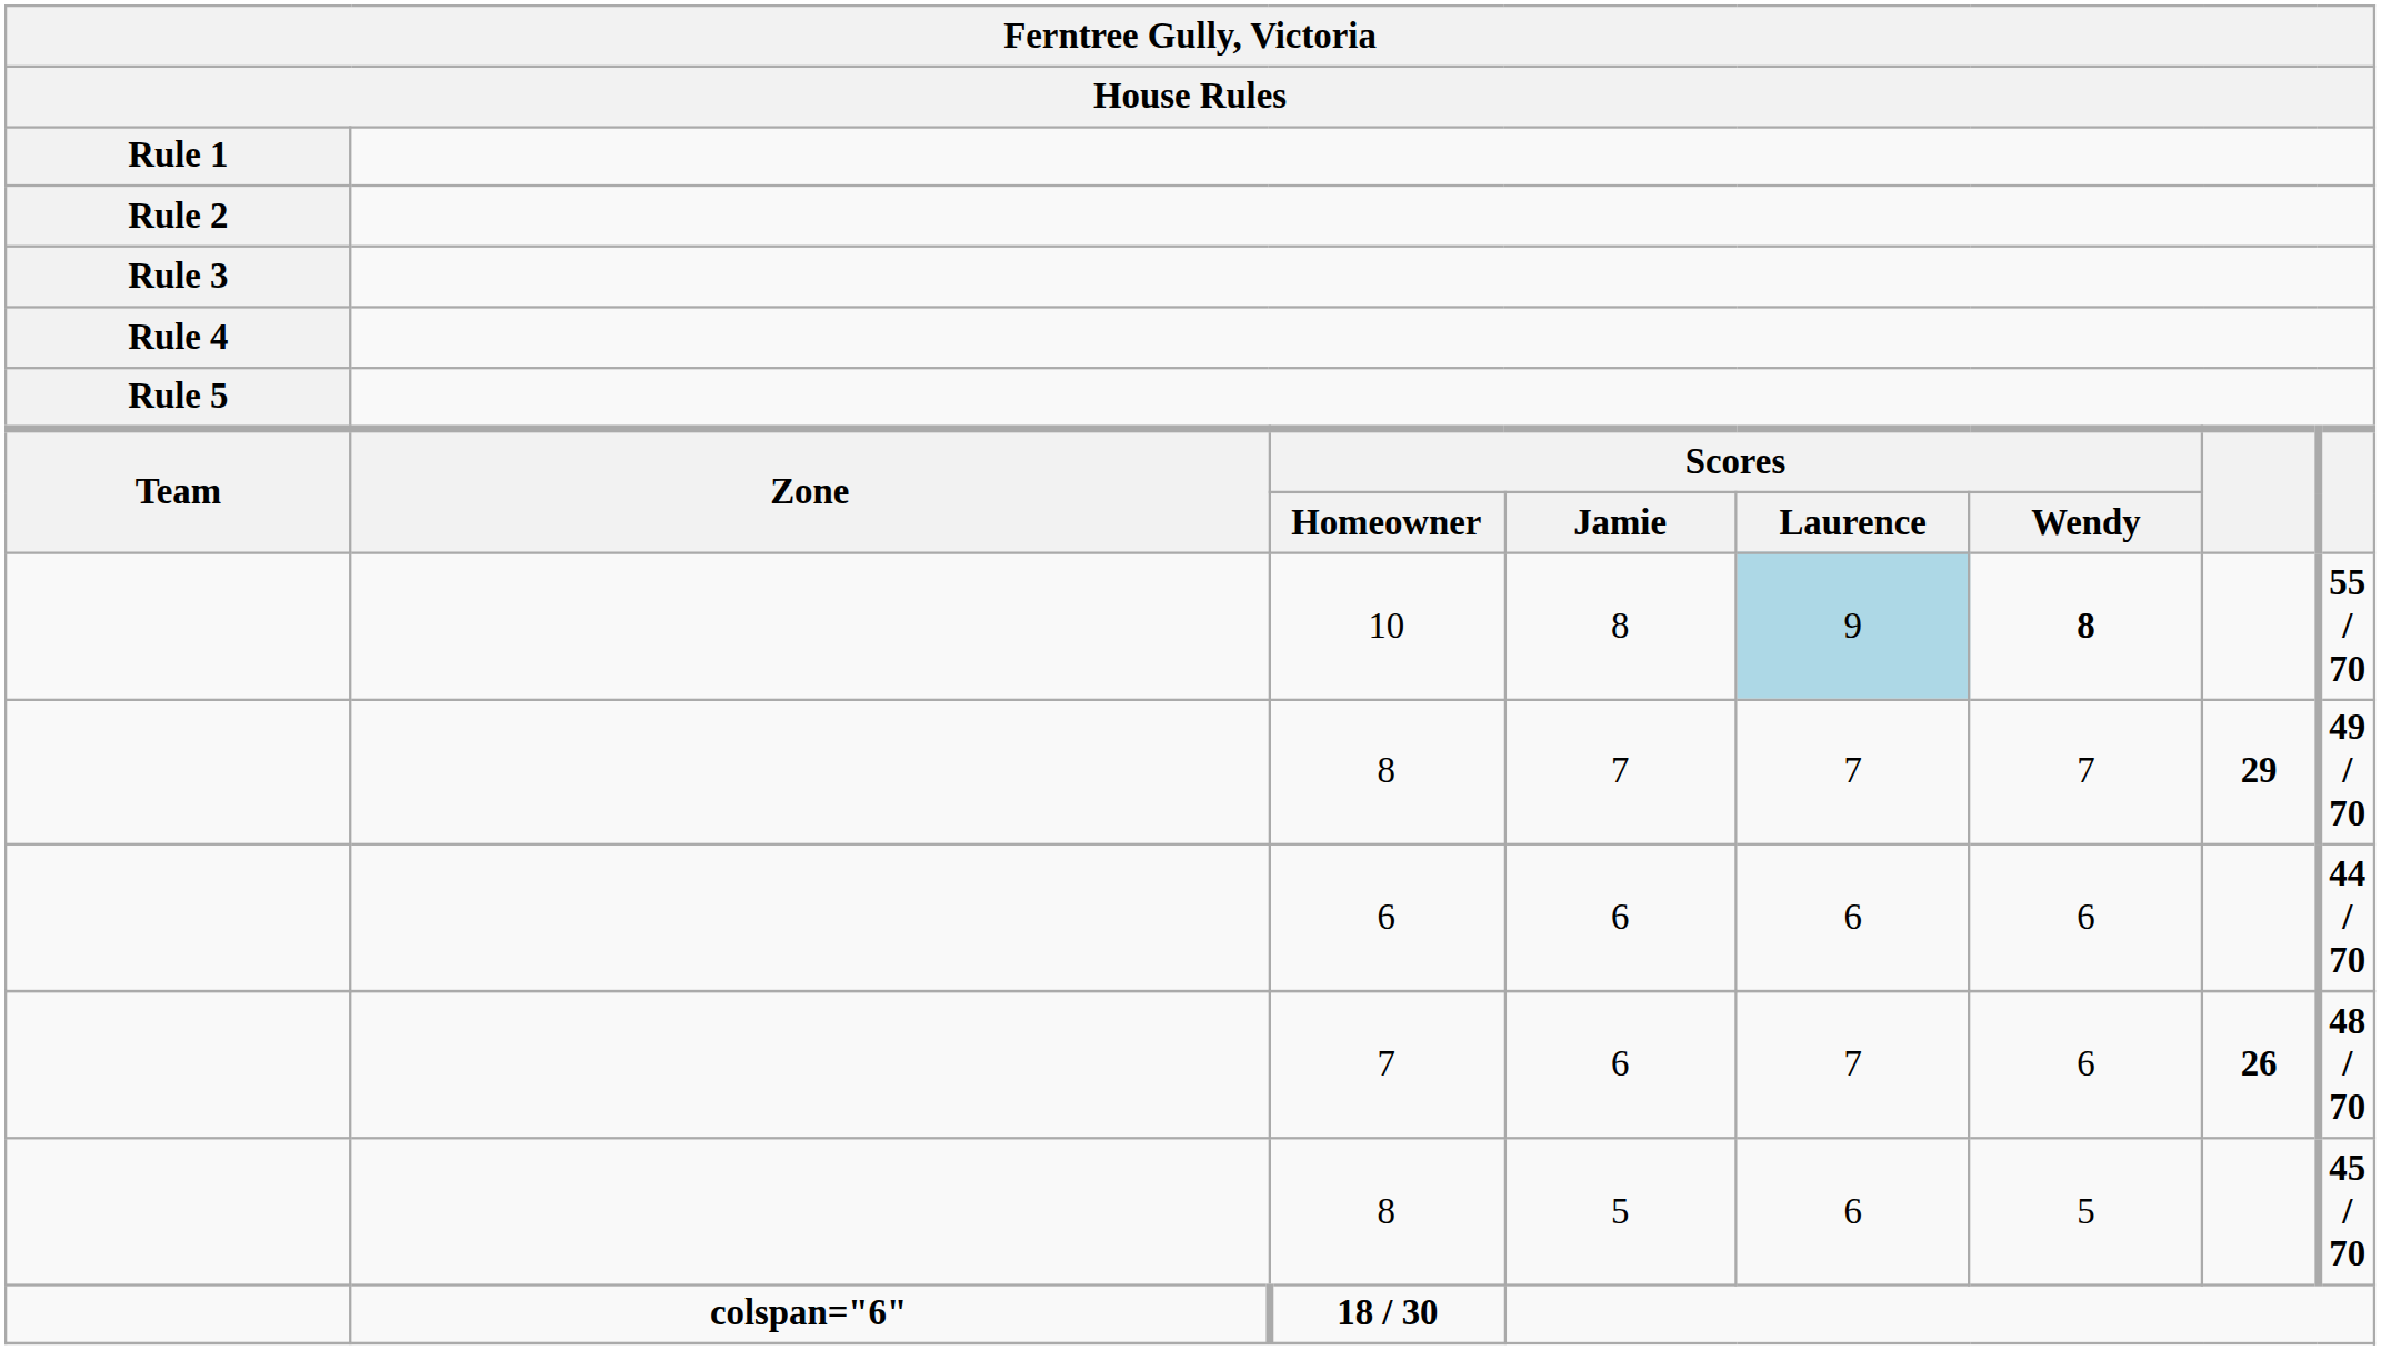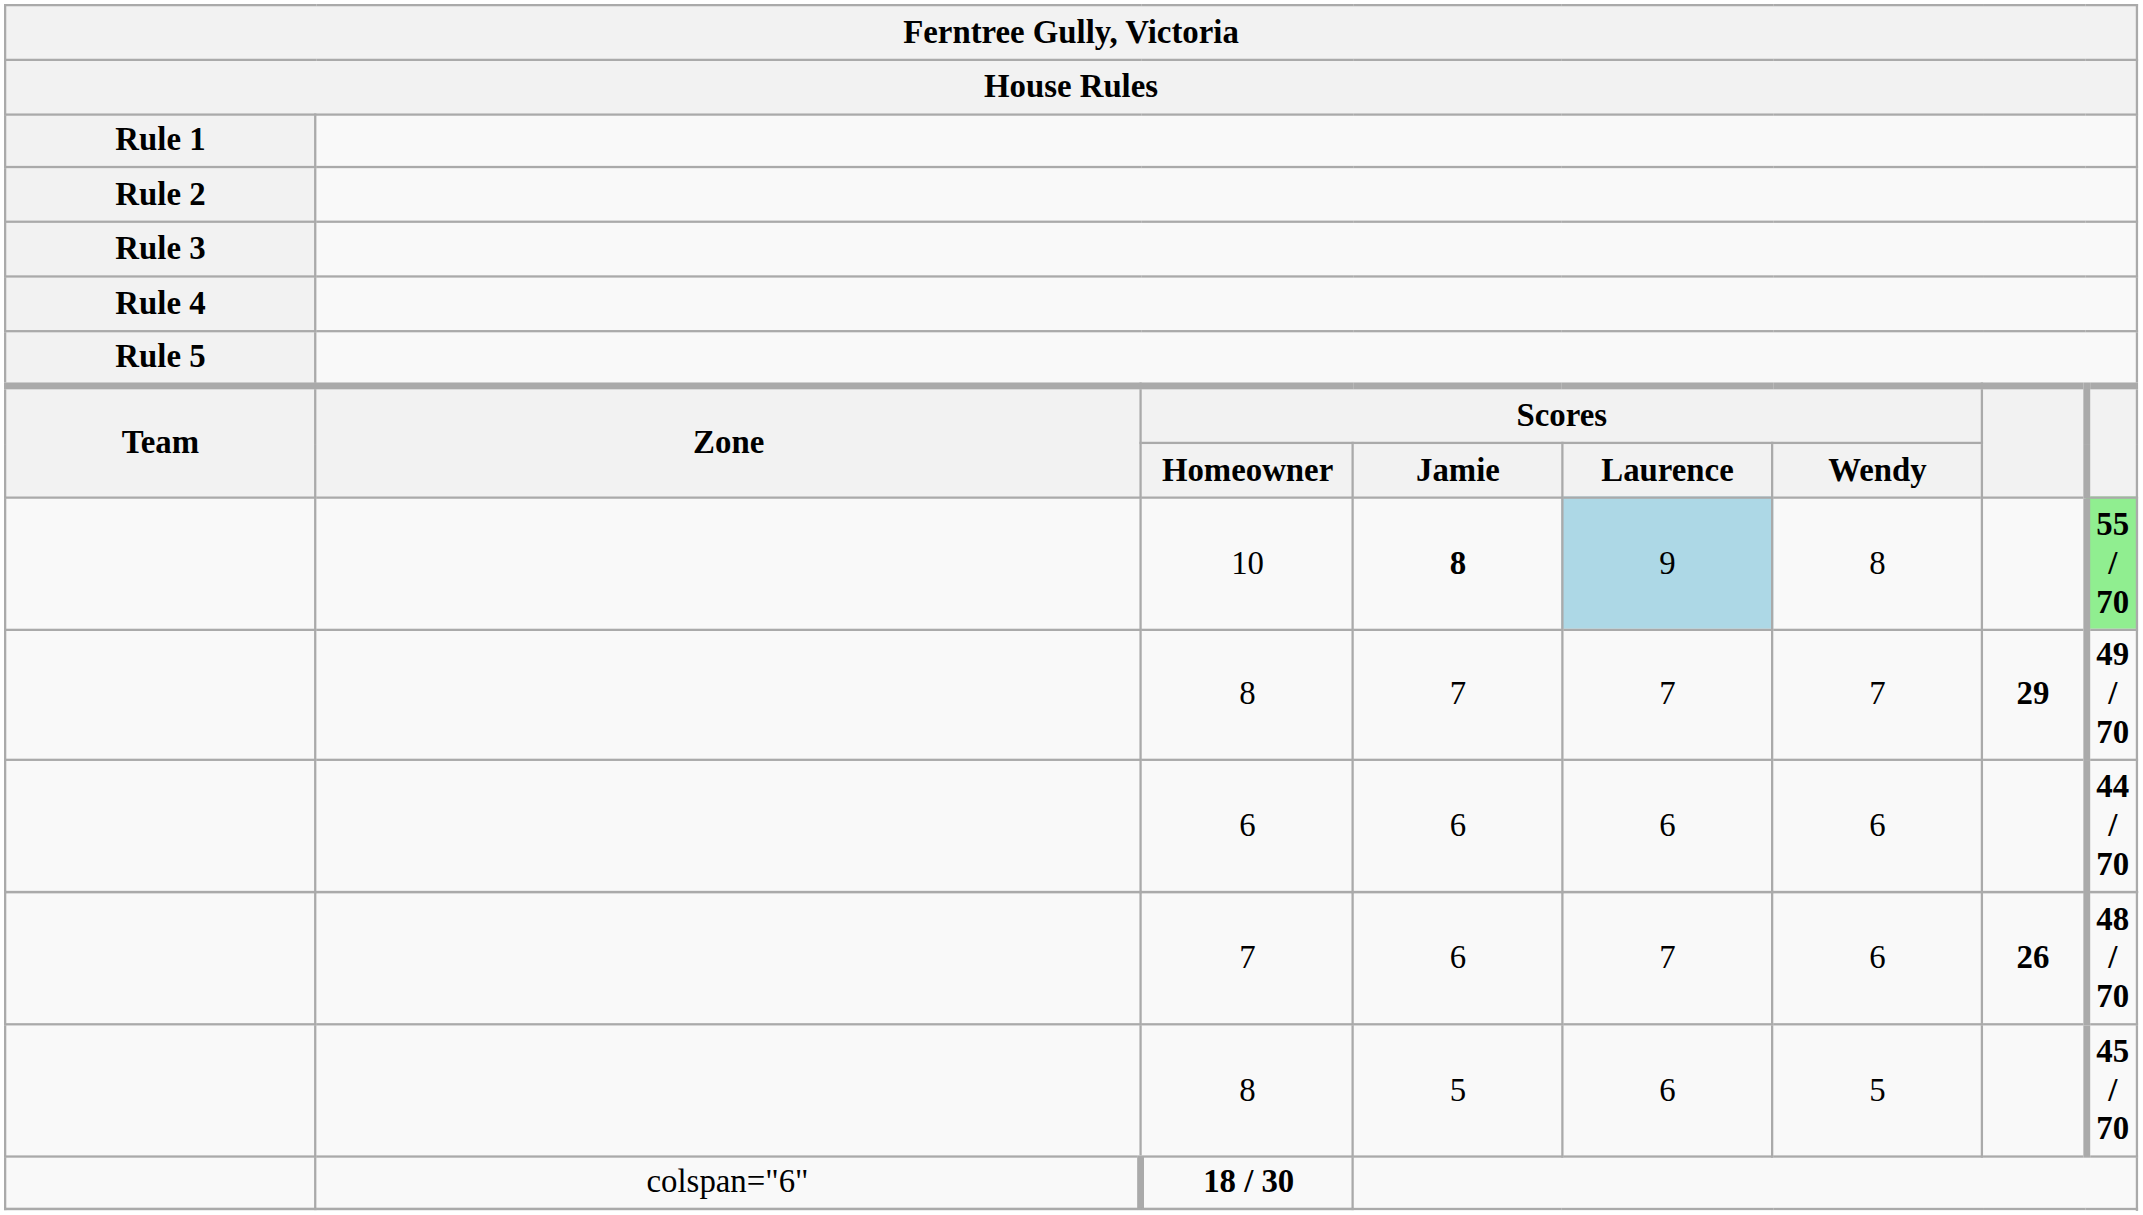 <table class="wikitable plainrowheaders" style="text-align:center; font-size:90%; width:65em;">
 <tr>
 <th colspan="8" >Ferntree Gully, Victoria</th>
 </tr>
 <tr>
 <th colspan="8">House Rules</th>
 </tr>
 <tr>
 <th>Rule 1</th>
 <td colspan="8"></td>
 </tr>
 <tr>
 <th>Rule 2</th>
 <td colspan="8"></td>
 </tr>
 <tr>
 <th>Rule 3</th>
 <td colspan="8"></td>
 </tr>
 <tr>
 <th>Rule 4</th>
 <td colspan="8"></td>
 </tr>
 <tr>
 <th>Rule 5</th>
 <td colspan="8"></td>
 </tr>
 <tr style="border-top:3px solid #aaa;">
 <th rowspan="2">Team</th>
 <th rowspan="2" style="width:40%;">Zone</th>
 <th colspan="4" style="width:40%;">Scores</th>
 <th rowspan="2" style="width:10%;"></th>
 <th rowspan="2" style="width:10%; border-left:3px solid #aaa;"></th>
 </tr>
 <tr>
 <th style="width:10%;">Homeowner</th>
 <th style="width:10%;">Jamie</th>
 <th style="width:10%;">Laurence</th>
 <th style="width:10%;">Wendy</th>
 </tr>
 <tr>
 <td style="width:15%;"></td>
 <td></td>
 <td>10</td>
+<td><strong>8</strong></td>
+<td style="background: lightblue;">9</td>
 <td>8</td>
-<td style="background: lightblue;">9</td>
-<td><strong>8</strong></td>
 <td></td>
-<td style="border-left:3px solid #aaa;"><strong>55 / 70</strong></td>
+<td style="background: lightgreen; border-left:3px solid #aaa;"><strong>55 / 70</strong></td>
 </tr>
 <tr>
 <td style="width:15%;"></td>
 <td></td>
 <td>8</td>
 <td>7</td>
 <td>7</td>
 <td>7</td>
 <td><strong>29</strong></td>
 <td style="border-left:3px solid #aaa;"><strong>49 / 70</strong></td>
 </tr>
 <tr>
 <td style="width:15%;"></td>
 <td></td>
 <td>6</td>
 <td>6</td>
 <td>6</td>
 <td>6</td>
 <td></td>
 <td style="border-left:3px solid #aaa;"><strong>44 / 70</strong></td>
 </tr>
 <tr>
 </tr>
 <tr>
 <td style="width:15%;"></td>
 <td></td>
 <td>7</td>
 <td>6</td>
 <td>7</td>
 <td>6</td>
 <td><strong>26</strong></td>
 <td style="border-left:3px solid #aaa;"><strong>48 / 70</strong></td>
 </tr>
 <tr>
 <td style="width:15%;"></td>
 <td></td>
 <td>8</td>
 <td>5</td>
 <td>6</td>
 <td>5</td>
 <td></td>
 <td style="border-left:3px solid #aaa;"><strong>45 / 70</strong></td>
 </tr>
 <tr>
 <td style="width:15%;"></td>
-<td><strong>colspan="6" </strong></td>
+<td>colspan="6" </td>
 <td style="border-left:3px solid #aaa;"><strong>18 / 30</strong></td>
 </tr>
 <tr>
 </tr>
 </table>
